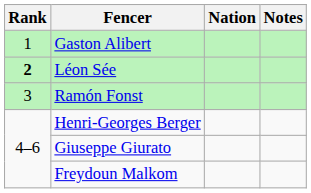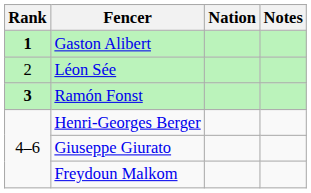 <table class="wikitable sortable" style="text-align:center">
 <tr>
 <th>Rank</th>
 <th>Fencer</th>
 <th>Nation</th>
 <th>Notes</th>
 </tr>
 <tr bgcolor=bbf3bb>
-<td>1</td>
+<td><strong>1</strong></td>
 <td align=left><a href='#'>Gaston Alibert</a></td>
 <td align=left></td>
 <td></td>
 </tr>
 <tr bgcolor=bbf3bb>
-<td><strong>2</strong></td>
+<td>2</td>
 <td align=left><a href='#'>Léon Sée</a></td>
 <td align=left></td>
 <td></td>
 </tr>
 <tr bgcolor=bbf3bb>
-<td>3</td>
+<td><strong>3</strong></td>
 <td align=left><a href='#'>Ramón Fonst</a></td>
 <td align=left></td>
 <td></td>
 </tr>
 <tr>
 <td rowspan=3 align=center>4–6</td>
 <td align=left><a href='#'>Henri-Georges Berger</a></td>
 <td align=left></td>
 <td></td>
 </tr>
 <tr>
 <td align=left><a href='#'>Giuseppe Giurato</a></td>
 <td align=left></td>
 <td></td>
 </tr>
 <tr>
 <td align=left><a href='#'>Freydoun Malkom</a></td>
 <td align=left></td>
 <td></td>
 </tr>
 </table>
